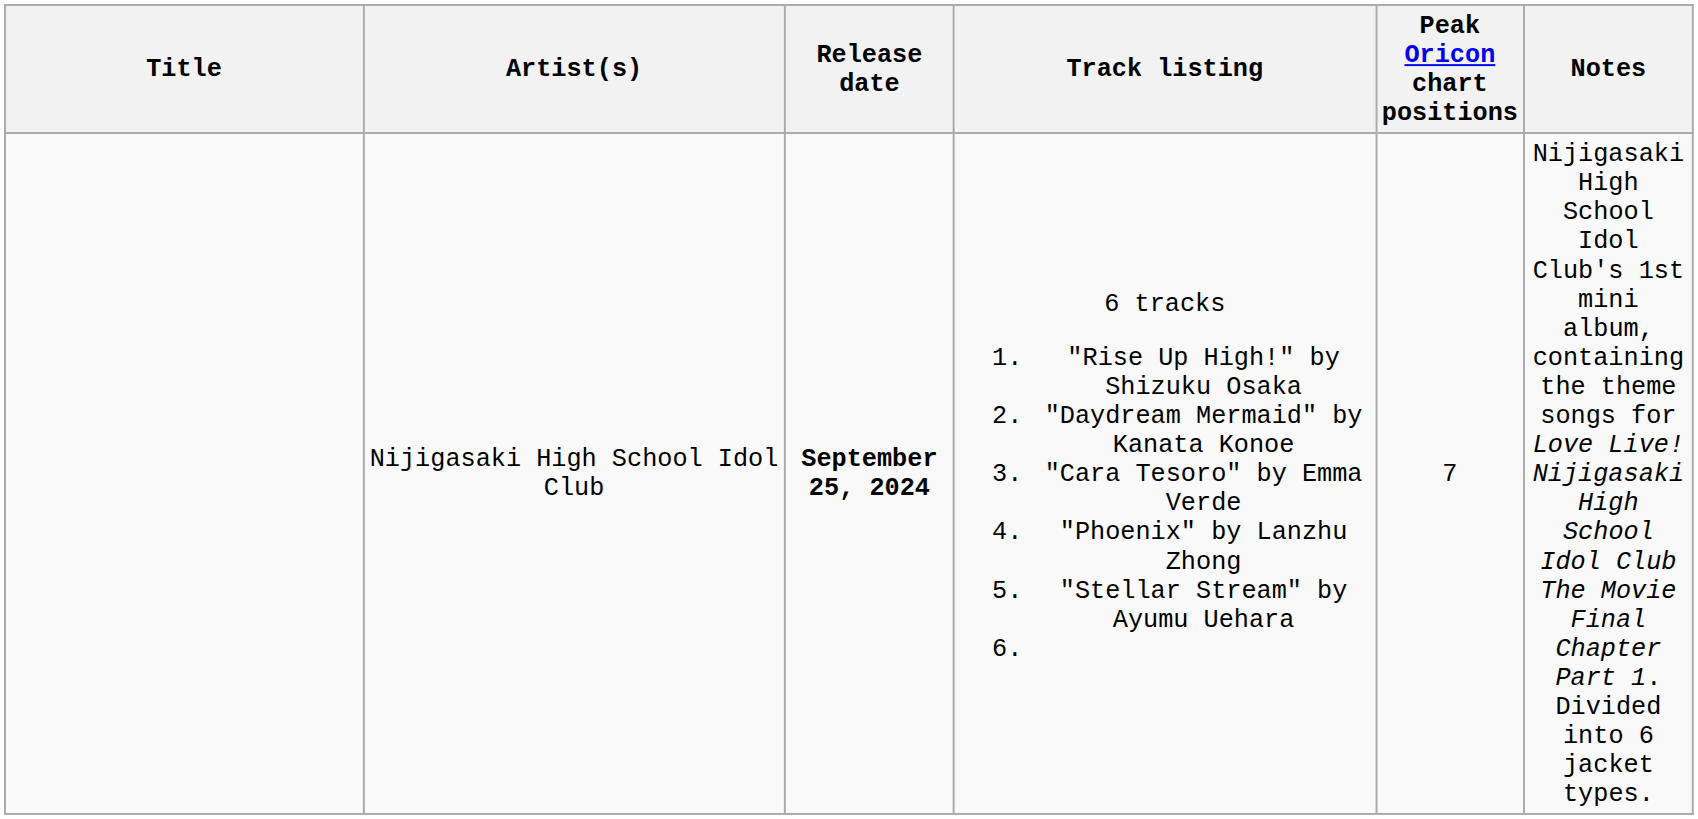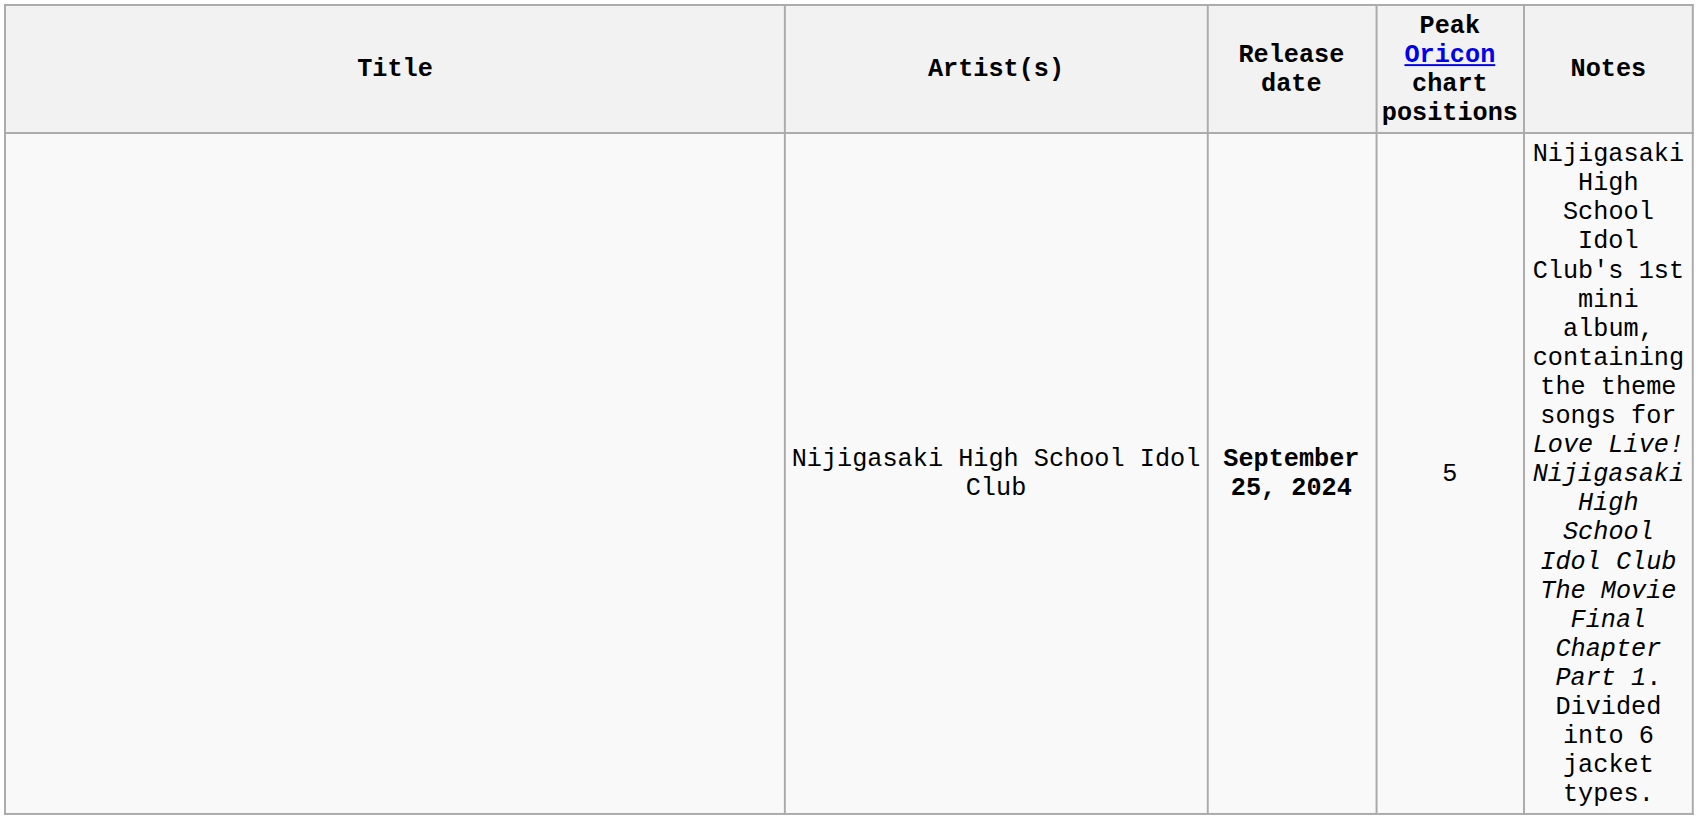 <table class="wikitable" style="text-align:center;">
 <tr>
 <th scope="col" rowspan="1">Title</th>
 <th scope="col" rowspan="1" width="25%">Artist(s)</th>
 <th scope="col" colspan="1" width="10%">Release date</th>
-<th scope="col" colspan="1" width="25%">Track listing</th>
 <th scope="col" rowspan="1" width="8%">Peak <a href='#'>Oricon</a><br>chart positions<br></th>
 <th scope="col" rowspan="1" width="10%">Notes</th>
 </tr>
 <tr>
 <td></td>
 <td>Nijigasaki High School Idol Club</td>
 <td><strong>September 25, 2024</strong></td>
-<td style="width:17em"><br>6 tracks<ol><li>"Rise Up High!" by Shizuku Osaka</li><li>"Daydream Mermaid" by Kanata Konoe</li><li>"Cara Tesoro" by Emma Verde</li><li>"Phoenix" by Lanzhu Zhong</li><li>"Stellar Stream" by Ayumu Uehara</li><li></li></ol></td>
-<td>7</td>
+<td>5</td>
 <td>Nijigasaki High School Idol Club's 1st mini album, containing the theme songs for <em>Love Live! Nijigasaki High School Idol Club The Movie Final Chapter Part 1</em>. Divided into 6 jacket types.</td>
 </tr>
 </table>
